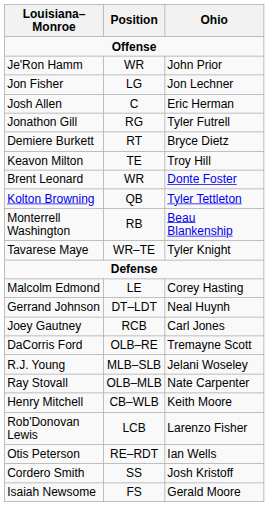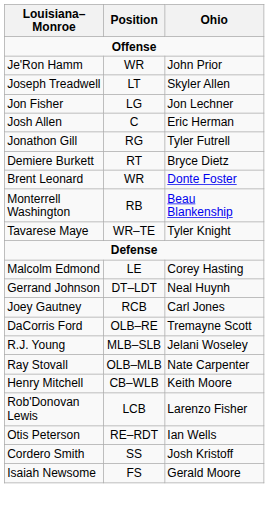 <table class="wikitable">
 <tr>
 <th width="125px">Louisiana–Monroe</th>
 <th>Position</th>
 <th width="125px">Ohio</th>
 </tr>
 <tr>
 <td colspan="3" align="center"><strong>Offense</strong></td>
 </tr>
 <tr>
 <td>Je'Ron Hamm</td>
 <td align="center">WR</td>
 <td>John Prior</td>
+</tr>
+<tr>
+<td>Joseph Treadwell</td>
+<td align="center">LT</td>
+<td>Skyler Allen</td>
 </tr>
 <tr>
 <td>Jon Fisher</td>
 <td align="center">LG</td>
 <td>Jon Lechner</td>
 </tr>
 <tr>
 <td>Josh Allen</td>
 <td align="center">C</td>
 <td>Eric Herman</td>
 </tr>
 <tr>
 <td>Jonathon Gill</td>
 <td align="center">RG</td>
 <td>Tyler Futrell</td>
 </tr>
 <tr>
 <td>Demiere Burkett</td>
 <td align="center">RT</td>
 <td>Bryce Dietz</td>
 </tr>
 <tr>
-<td>Keavon Milton</td>
-<td align="center">TE</td>
-<td>Troy Hill</td>
-</tr>
-<tr>
 <td>Brent Leonard</td>
 <td align="center">WR</td>
 <td><a href='#'>Donte Foster</a></td>
-</tr>
-<tr>
-<td><a href='#'>Kolton Browning</a></td>
-<td align="center">QB</td>
-<td><a href='#'>Tyler Tettleton</a></td>
 </tr>
 <tr>
 <td>Monterrell Washington</td>
 <td align="center">RB</td>
 <td><a href='#'>Beau Blankenship</a></td>
 </tr>
 <tr>
 <td>Tavarese Maye</td>
 <td align="center">WR–TE</td>
 <td>Tyler Knight</td>
 </tr>
 <tr>
 <td colspan="3" align="center"><strong>Defense</strong></td>
 </tr>
 <tr>
 <td>Malcolm Edmond</td>
 <td align="center">LE</td>
 <td>Corey Hasting</td>
 </tr>
 <tr>
 <td>Gerrand Johnson</td>
 <td align="center">DT–LDT</td>
 <td>Neal Huynh</td>
 </tr>
 <tr>
 <td>Joey Gautney</td>
 <td align="center">RCB</td>
 <td>Carl Jones</td>
 </tr>
 <tr>
 <td>DaCorris Ford</td>
 <td align="center">OLB–RE</td>
 <td>Tremayne Scott</td>
 </tr>
 <tr>
 <td>R.J. Young</td>
 <td align="center">MLB–SLB</td>
 <td>Jelani Woseley</td>
 </tr>
 <tr>
 <td>Ray Stovall</td>
 <td align="center">OLB–MLB</td>
 <td>Nate Carpenter</td>
 </tr>
 <tr>
 <td>Henry Mitchell</td>
 <td align="center">CB–WLB</td>
 <td>Keith Moore</td>
 </tr>
 <tr>
 <td>Rob'Donovan Lewis</td>
 <td align="center">LCB</td>
 <td>Larenzo Fisher</td>
 </tr>
 <tr>
 <td>Otis Peterson</td>
 <td align="center">RE–RDT</td>
 <td>Ian Wells</td>
 </tr>
 <tr>
 <td>Cordero Smith</td>
 <td align="center">SS</td>
 <td>Josh Kristoff</td>
 </tr>
 <tr>
 <td>Isaiah Newsome</td>
 <td align="center">FS</td>
 <td>Gerald Moore</td>
 </tr>
 </table>
